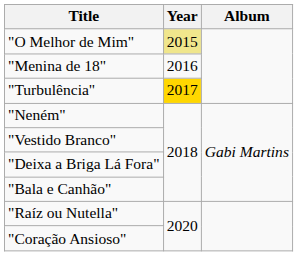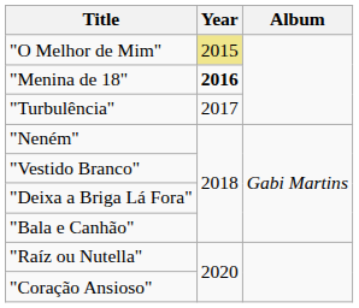 <table class="wikitable">
 <tr>
 <th>Title</th>
 <th>Year</th>
 <th>Album</th>
 </tr>
 <tr>
 <td>"O Melhor de Mim"</td>
 <td style="background: khaki;">2015</td>
 <td rowspan="3"><br><br></td>
 </tr>
 <tr>
 <td>"Menina de 18"</td>
-<td>2016</td>
+<td><strong>2016</strong></td>
 </tr>
 <tr>
 <td>"Turbulência"<br></td>
-<td style="background: gold;">2017</td>
+<td>2017</td>
 </tr>
 <tr>
 <td>"Neném"</td>
 <td rowspan="4">2018</td>
 <td rowspan="4"><em>Gabi Martins</em></td>
 </tr>
 <tr>
 <td>"Vestido Branco"</td>
 </tr>
 <tr>
 <td>"Deixa a Briga Lá Fora"</td>
 </tr>
 <tr>
 <td>"Bala e Canhão"</td>
 </tr>
 <tr>
 <td>"Raíz ou Nutella"</td>
 <td rowspan="2">2020</td>
 <td rowspan="2"><br><br></td>
 </tr>
 <tr>
 <td>"Coração Ansioso"</td>
 </tr>
 </table>
